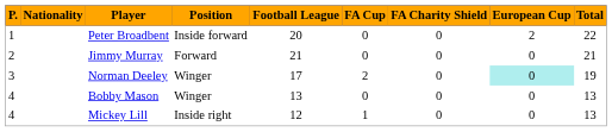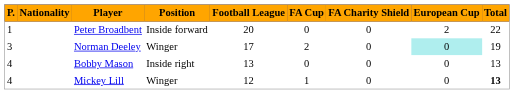 <table cellspacing="0" cellpadding="3" style="border:1px solid #AAAAAA;font-size:90%">
 <tr bgcolor="#191970">
 <th style=background:orange; align="center"><span>P.</span></th>
 <th style=background:orange; align="center"><span>Nationality</span></th>
 <th style=background:orange; align="center"><span>Player</span></th>
 <th style=background:orange; align="center"><span>Position</span></th>
 <th style=background:orange; align="center"><span>Football League</span></th>
 <th style=background:orange; align="center"><span>FA Cup</span></th>
 <th style=background:orange; align="center"><span>FA Charity Shield</span></th>
 <th style=background:orange; align="center"><span>European Cup</span></th>
 <th style=background:orange; align="center"><span>Total</span></th>
 </tr>
 <tr>
 <td>1</td>
 <td></td>
 <td><a href='#'>Peter Broadbent</a></td>
 <td>Inside forward</td>
 <td align="center">20</td>
 <td align="center">0</td>
 <td align="center">0</td>
 <td align="center">2</td>
 <td align="center">22</td>
 </tr>
 <tr>
-<td>2</td>
-<td></td>
-<td><a href='#'>Jimmy Murray</a></td>
-<td>Forward</td>
-<td align="center">21</td>
-<td align="center">0</td>
-<td align="center">0</td>
-<td align="center">0</td>
-<td align="center">21</td>
-</tr>
-<tr>
 <td>3</td>
 <td></td>
 <td><a href='#'>Norman Deeley</a></td>
 <td>Winger</td>
 <td align="center">17</td>
 <td align="center">2</td>
 <td align="center">0</td>
 <td align="center" style="background: paleturquoise;">0</td>
 <td align="center">19</td>
 </tr>
 <tr>
 <td>4</td>
 <td></td>
 <td><a href='#'>Bobby Mason</a></td>
-<td>Winger</td>
+<td>Inside right</td>
 <td align="center">13</td>
 <td align="center">0</td>
 <td align="center">0</td>
 <td align="center">0</td>
 <td align="center">13</td>
 </tr>
 <tr>
 <td>4</td>
 <td></td>
 <td><a href='#'>Mickey Lill</a></td>
-<td>Inside right</td>
+<td>Winger</td>
 <td align="center">12</td>
 <td align="center">1</td>
 <td align="center">0</td>
 <td align="center">0</td>
-<td align="center">13</td>
+<td align="center"><strong>13</strong></td>
 </tr>
 <tr>
 </tr>
 </table>
